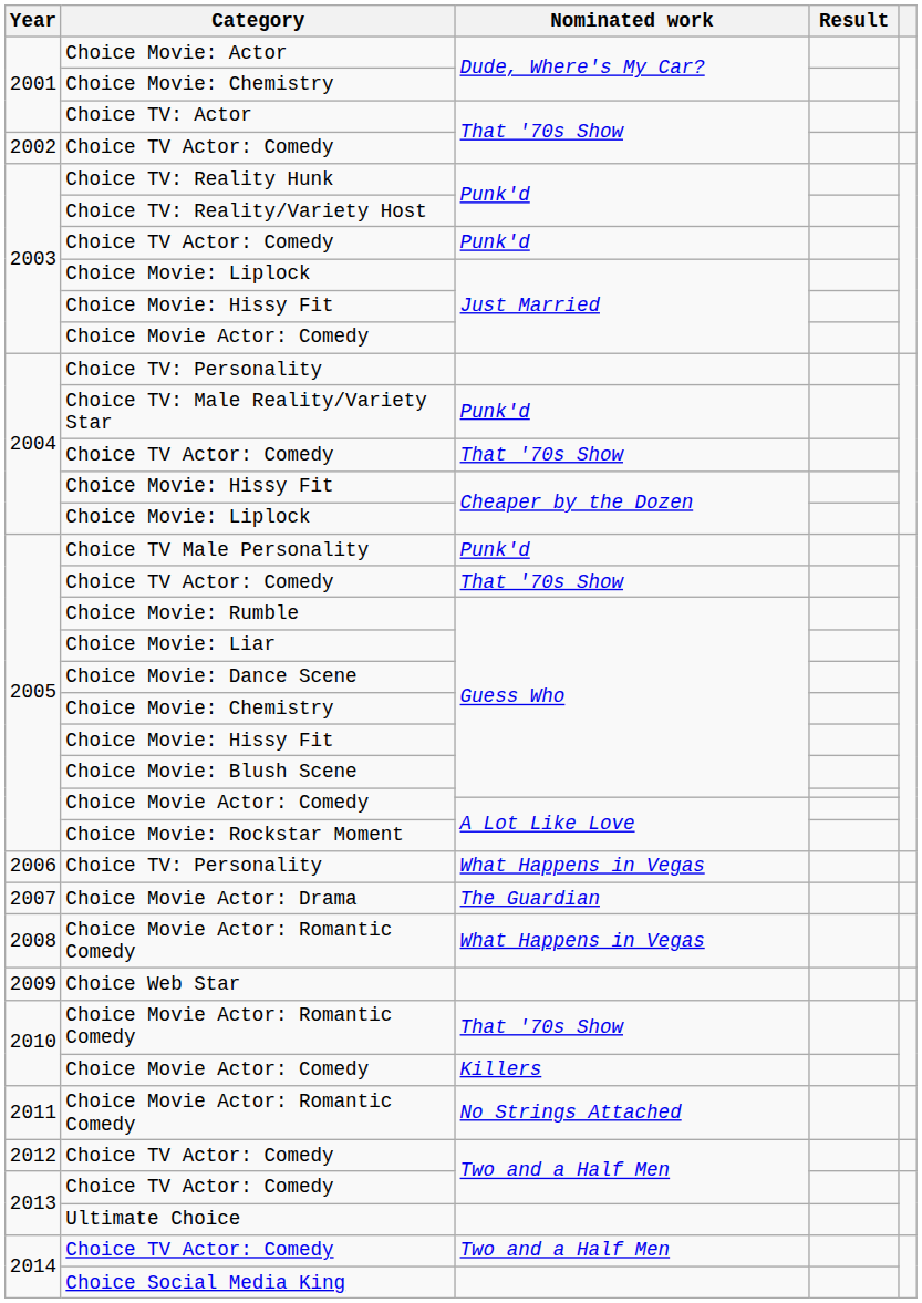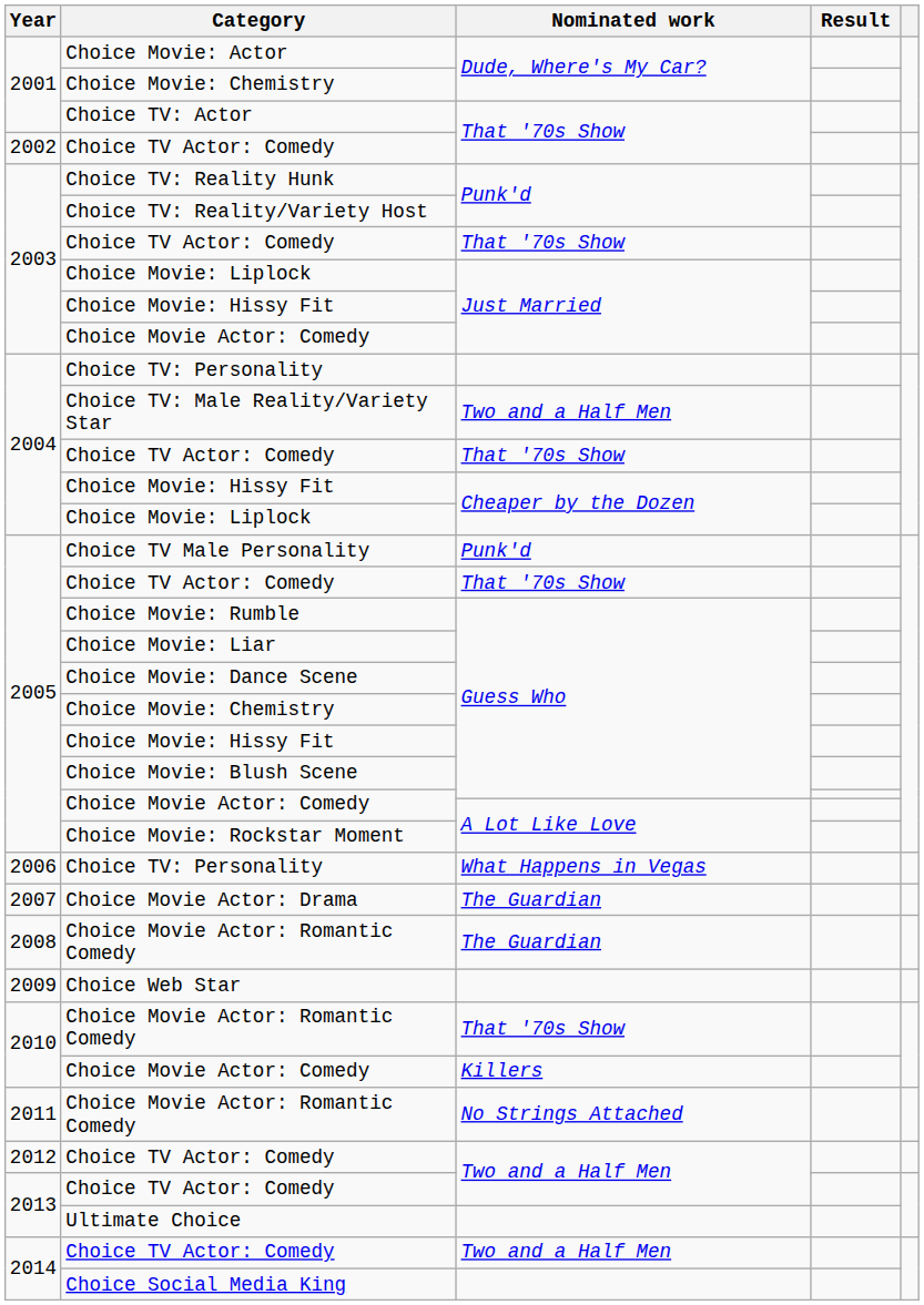 <table class="wikitable">
 <tr>
 <th scope="col" style="width:1em;">Year</th>
 <th scope="col" style="width:35em;">Category</th>
 <th scope="col" style="width:35em;">Nominated work</th>
 <th scope="col" style="width:5em;">Result</th>
 <th scope="col" style="width:1em;"></th>
 </tr>
 <tr>
 <td rowspan="3">2001</td>
 <td>Choice Movie: Actor</td>
 <td rowspan="2"><em><a href='#'>Dude, Where's My Car?</a></em></td>
 <td></td>
 <td style="text-align:center;" rowspan="3"></td>
 </tr>
 <tr>
 <td>Choice Movie: Chemistry</td>
 <td></td>
 </tr>
 <tr>
 <td>Choice TV: Actor</td>
 <td rowspan="2"><em><a href='#'>That '70s Show</a></em></td>
 <td></td>
 </tr>
 <tr>
 <td>2002</td>
 <td>Choice TV Actor: Comedy</td>
 <td></td>
 <td style="text-align:center;"></td>
 </tr>
 <tr>
 <td rowspan="6">2003</td>
 <td>Choice TV: Reality Hunk</td>
 <td rowspan="2"><em><a href='#'>Punk'd</a></em></td>
 <td></td>
 <td style="text-align:center;" rowspan="6"></td>
 </tr>
 <tr>
 <td>Choice TV: Reality/Variety Host</td>
 <td></td>
 </tr>
 <tr>
 <td>Choice TV Actor: Comedy</td>
-<td><em><a href='#'>Punk'd</a></em></td>
+<td><em><a href='#'>That '70s Show</a></em></td>
 <td></td>
 </tr>
 <tr>
 <td>Choice Movie: Liplock</td>
 <td rowspan="3"><em><a href='#'>Just Married</a></em></td>
 <td></td>
 </tr>
 <tr>
 <td>Choice Movie: Hissy Fit</td>
 <td></td>
 </tr>
 <tr>
 <td>Choice Movie Actor: Comedy</td>
 <td></td>
 </tr>
 <tr>
 <td rowspan="5">2004</td>
 <td>Choice TV: Personality</td>
 <td></td>
 <td></td>
 <td style="text-align:center;" rowspan="5"></td>
 </tr>
 <tr>
 <td>Choice TV: Male Reality/Variety Star</td>
-<td><em><a href='#'>Punk'd</a></em></td>
+<td><em><a href='#'>Two and a Half Men</a></em></td>
 <td></td>
 </tr>
 <tr>
 <td>Choice TV Actor: Comedy</td>
 <td><em><a href='#'>That '70s Show</a></em></td>
 <td></td>
 </tr>
 <tr>
 <td>Choice Movie: Hissy Fit</td>
 <td rowspan="2"><em><a href='#'>Cheaper by the Dozen</a></em></td>
 <td></td>
 </tr>
 <tr>
 <td>Choice Movie: Liplock</td>
 <td></td>
 </tr>
 <tr>
 <td rowspan="11">2005</td>
 <td>Choice TV Male Personality</td>
 <td><em><a href='#'>Punk'd</a></em></td>
 <td></td>
 <td style="text-align:center;" rowspan="11"></td>
 </tr>
 <tr>
 <td>Choice TV Actor: Comedy</td>
 <td><em><a href='#'>That '70s Show</a></em></td>
 <td></td>
 </tr>
 <tr>
 <td>Choice Movie: Rumble</td>
 <td rowspan="7"><em><a href='#'>Guess Who</a></em></td>
 <td> </td>
 </tr>
 <tr>
 <td>Choice Movie: Liar</td>
 <td></td>
 </tr>
 <tr>
 <td>Choice Movie: Dance Scene</td>
 <td></td>
 </tr>
 <tr>
 <td>Choice Movie: Chemistry</td>
 <td></td>
 </tr>
 <tr>
 <td>Choice Movie: Hissy Fit</td>
 <td></td>
 </tr>
 <tr>
 <td>Choice Movie: Blush Scene</td>
 <td></td>
 </tr>
 <tr>
 <td rowspan="2">Choice Movie Actor: Comedy</td>
 <td></td>
 </tr>
 <tr>
 <td rowspan="2"><em><a href='#'>A Lot Like Love</a></em></td>
 <td></td>
 </tr>
 <tr>
 <td>Choice Movie: Rockstar Moment</td>
 <td></td>
 </tr>
 <tr>
 <td>2006</td>
 <td>Choice TV: Personality</td>
 <td><em><a href='#'>What Happens in Vegas</a></em></td>
 <td></td>
 <td style="text-align:center;"></td>
 </tr>
 <tr>
 <td>2007</td>
 <td>Choice Movie Actor: Drama</td>
 <td><em><a href='#'>The Guardian</a></em></td>
 <td></td>
 <td style="text-align:center;"></td>
 </tr>
 <tr>
 <td>2008</td>
 <td>Choice Movie Actor: Romantic Comedy</td>
-<td><em><a href='#'>What Happens in Vegas</a></em></td>
+<td><em><a href='#'>The Guardian</a></em></td>
 <td></td>
 <td style="text-align:center;"></td>
 </tr>
 <tr>
 <td>2009</td>
 <td>Choice Web Star</td>
 <td></td>
 <td></td>
 <td style="text-align:center;"></td>
 </tr>
 <tr>
 <td rowspan="2">2010</td>
 <td>Choice Movie Actor: Romantic Comedy</td>
 <td><em><a href='#'>That '70s Show</a></em></td>
 <td></td>
 <td style="text-align:center;" rowspan="2"></td>
 </tr>
 <tr>
 <td>Choice Movie Actor: Comedy</td>
 <td><em><a href='#'>Killers</a></em></td>
 <td></td>
 </tr>
 <tr>
 <td>2011</td>
 <td>Choice Movie Actor: Romantic Comedy</td>
 <td><em><a href='#'>No Strings Attached</a></em></td>
 <td></td>
 <td style="text-align:center;"></td>
 </tr>
 <tr>
 <td>2012</td>
 <td>Choice TV Actor: Comedy</td>
 <td rowspan="2"><em><a href='#'>Two and a Half Men</a></em></td>
 <td></td>
 <td style="text-align:center;"></td>
 </tr>
 <tr>
 <td rowspan="2">2013</td>
 <td>Choice TV Actor: Comedy</td>
 <td></td>
 <td style="text-align:center;" rowspan="2"></td>
 </tr>
 <tr>
 <td>Ultimate Choice</td>
 <td></td>
 <td></td>
 </tr>
 <tr>
 <td rowspan="2">2014</td>
 <td><a href='#'>Choice TV Actor: Comedy</a></td>
 <td><em><a href='#'>Two and a Half Men</a></em></td>
 <td></td>
 <td style="text-align:center;" rowspan="2"></td>
 </tr>
 <tr>
 <td><a href='#'>Choice Social Media King</a></td>
 <td></td>
 <td></td>
 </tr>
 </table>
